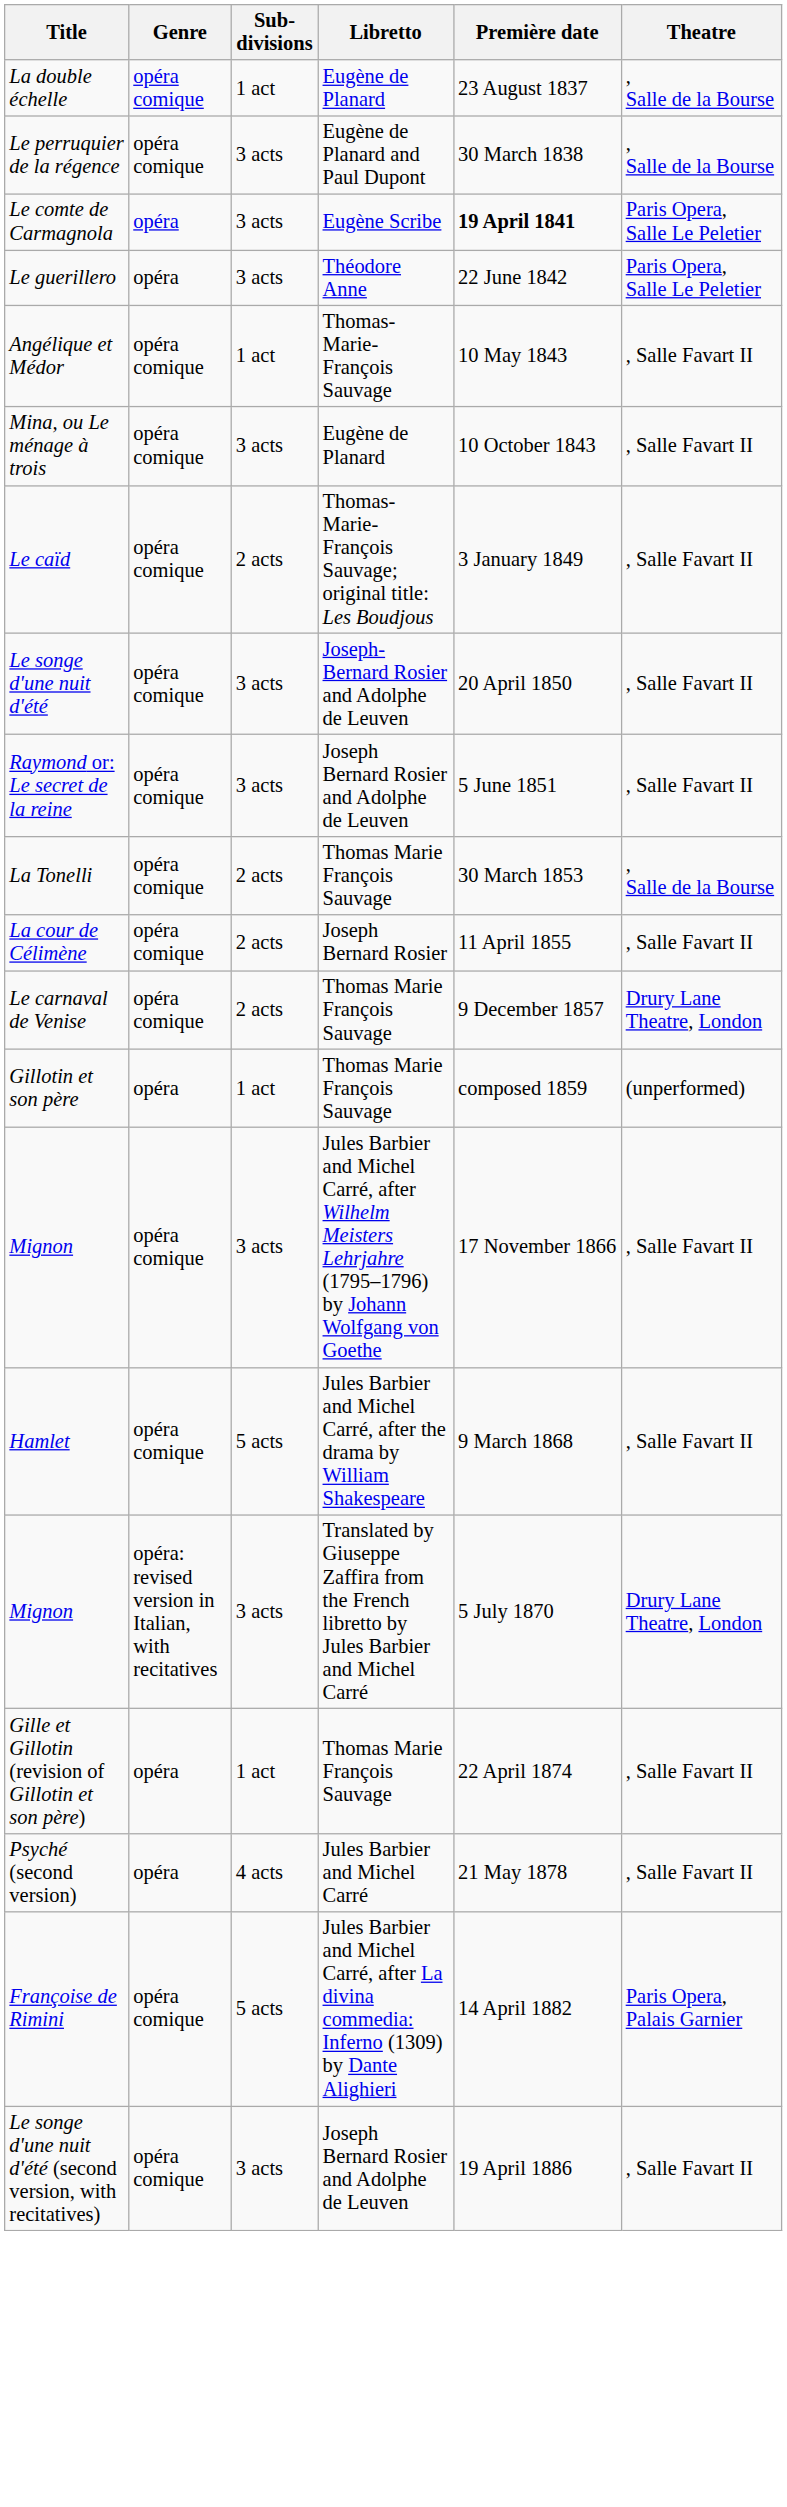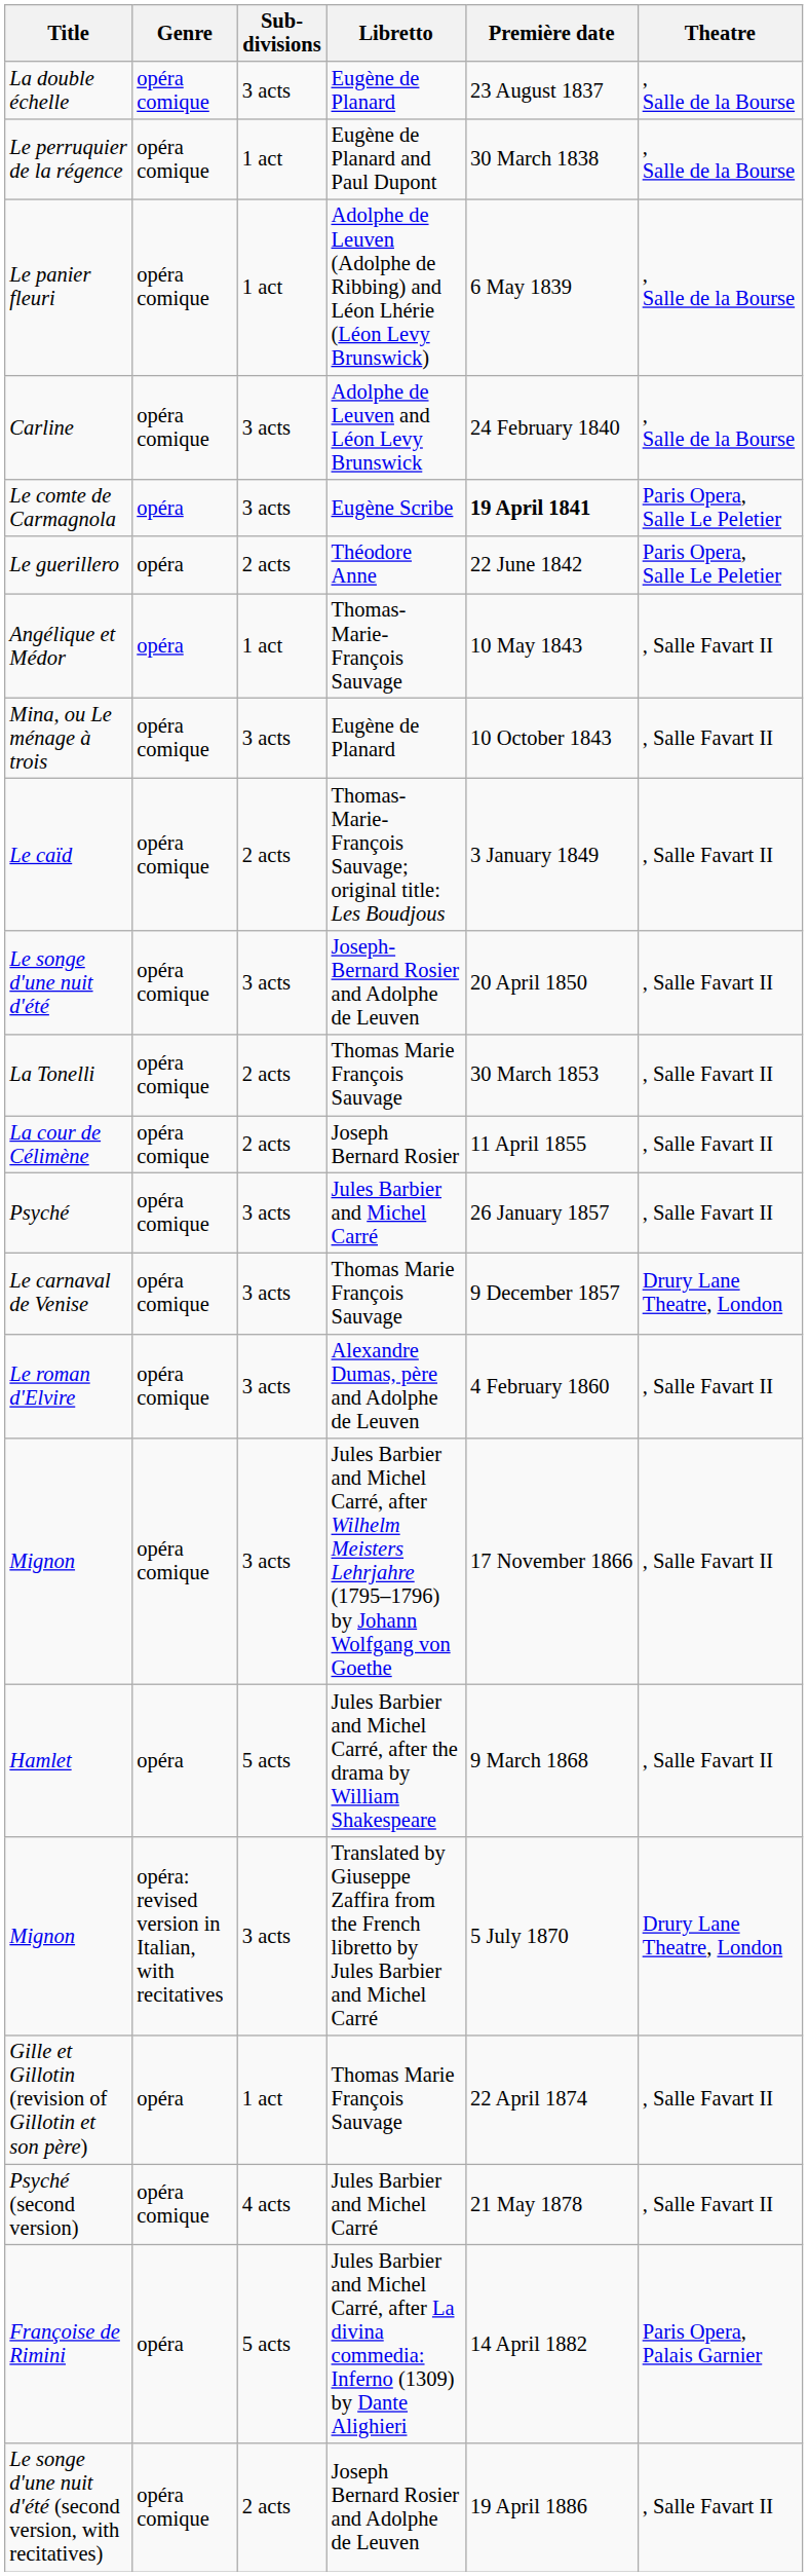 <table class="wikitable sortable">
 <tr>
 <th>Title</th>
 <th>Genre</th>
 <th>Sub­divisions</th>
 <th>Libretto</th>
 <th>Première date</th>
 <th>Theatre</th>
 </tr>
 <tr>
 <td><em>La double échelle</em></td>
 <td><a href='#'>opéra comique</a></td>
-<td>1 act</td>
+<td>3 acts</td>
 <td><a href='#'>Eugène de Planard</a></td>
 <td>23 August 1837</td>
 <td>, <a href='#'>Salle&nbsp;de&nbsp;la&nbsp;Bourse</a></td>
 </tr>
 <tr>
 <td><em>Le perruquier de la régence</em></td>
 <td>opéra comique</td>
-<td>3 acts</td>
+<td>1 act</td>
 <td>Eugène de Planard and Paul Dupont</td>
 <td>30 March 1838</td>
+<td>, <a href='#'>Salle&nbsp;de&nbsp;la&nbsp;Bourse</a></td>
+</tr>
+<tr>
+<td><em>Le panier fleuri</em></td>
+<td>opéra comique</td>
+<td>1 act</td>
+<td><a href='#'>Adolphe de Leuven</a> (Adolphe de Ribbing) and Léon Lhérie (<a href='#'>Léon Levy Brunswick</a>)</td>
+<td>6 May 1839</td>
+<td>, <a href='#'>Salle&nbsp;de&nbsp;la&nbsp;Bourse</a></td>
+</tr>
+<tr>
+<td><em>Carline</em></td>
+<td>opéra comique</td>
+<td>3 acts</td>
+<td><a href='#'>Adolphe de Leuven</a> and <a href='#'>Léon Levy Brunswick</a></td>
+<td>24 February 1840</td>
 <td>, <a href='#'>Salle&nbsp;de&nbsp;la&nbsp;Bourse</a></td>
 </tr>
 <tr>
 <td><em>Le comte de Carmagnola</em></td>
 <td><a href='#'>opéra</a></td>
 <td>3 acts</td>
 <td><a href='#'>Eugène Scribe</a></td>
 <td><strong>19 April 1841</strong></td>
 <td><a href='#'>Paris Opera</a>, <a href='#'>Salle&nbsp;Le&nbsp;Peletier</a></td>
 </tr>
 <tr>
 <td><em>Le guerillero</em></td>
 <td>opéra</td>
-<td>3 acts</td>
+<td>2 acts</td>
 <td><a href='#'>Théodore Anne</a></td>
 <td>22 June 1842</td>
 <td><a href='#'>Paris Opera</a>, <a href='#'>Salle&nbsp;Le&nbsp;Peletier</a></td>
 </tr>
 <tr>
 <td><em>Angélique et Médor</em></td>
-<td>opéra comique</td>
+<td><a href='#'>opéra</a></td>
 <td>1 act</td>
 <td>Thomas-Marie-François Sauvage</td>
 <td>10 May 1843</td>
 <td>, Salle Favart II</td>
 </tr>
 <tr>
 <td><em>Mina, ou Le ménage à trois</em></td>
 <td>opéra comique</td>
 <td>3 acts</td>
 <td>Eugène de Planard</td>
 <td>10 October 1843</td>
 <td>, Salle Favart II</td>
 </tr>
 <tr>
 <td><em><a href='#'>Le caïd</a></em></td>
 <td>opéra comique</td>
 <td>2 acts</td>
 <td>Thomas-Marie-François Sauvage; original title: <em>Les Boudjous</em></td>
 <td>3 January 1849</td>
 <td>, Salle Favart II</td>
 </tr>
 <tr>
 <td><em><a href='#'>Le songe d'une nuit d'été</a></em></td>
 <td>opéra comique</td>
 <td>3 acts</td>
 <td><a href='#'>Joseph-Bernard Rosier</a> and Adolphe de Leuven</td>
 <td>20 April 1850</td>
 <td>, Salle Favart II</td>
 </tr>
 <tr>
-<td><a href='#'><em>Raymond</em> or: <em>Le secret de la reine</em></a></td>
-<td>opéra comique</td>
-<td>3 acts</td>
-<td>Joseph Bernard Rosier and Adolphe de Leuven</td>
-<td>5 June 1851</td>
-<td>, Salle Favart II</td>
-</tr>
-<tr>
 <td><em>La Tonelli</em></td>
 <td>opéra comique</td>
 <td>2 acts</td>
 <td>Thomas Marie François Sauvage</td>
 <td>30 March 1853</td>
-<td>, <a href='#'>Salle&nbsp;de&nbsp;la&nbsp;Bourse</a></td>
+<td>, Salle Favart II</td>
 </tr>
 <tr>
 <td><em><a href='#'>La cour de Célimène</a></em></td>
 <td>opéra comique</td>
 <td>2 acts</td>
 <td>Joseph Bernard Rosier</td>
 <td>11 April 1855</td>
 <td>, Salle Favart II</td>
 </tr>
 <tr>
+<td><em>Psyché</em></td>
+<td>opéra comique</td>
+<td>3 acts</td>
+<td><a href='#'>Jules Barbier</a> and <a href='#'>Michel Carré</a></td>
+<td>26 January 1857</td>
+<td>, Salle Favart II</td>
+</tr>
+<tr>
 <td><em>Le carnaval de Venise</em></td>
 <td>opéra comique</td>
-<td>2 acts</td>
+<td>3 acts</td>
 <td>Thomas Marie François Sauvage</td>
 <td>9 December 1857</td>
 <td><a href='#'>Drury Lane Theatre</a>, <a href='#'>London</a></td>
 </tr>
 <tr>
-<td><em>Gillotin et son père</em></td>
-<td>opéra</td>
-<td>1 act</td>
-<td>Thomas Marie François Sauvage</td>
-<td>composed 1859</td>
-<td>(unperformed)</td>
+<td><em><a href='#'>Le roman d'Elvire</a></em></td>
+<td>opéra comique</td>
+<td>3 acts</td>
+<td><a href='#'>Alexandre Dumas, père</a> and Adolphe de Leuven</td>
+<td>4 February 1860</td>
+<td>, Salle Favart II</td>
 </tr>
 <tr>
 <td><em><a href='#'>Mignon</a></em></td>
 <td>opéra comique</td>
 <td>3 acts</td>
 <td>Jules Barbier and Michel Carré, after <em><a href='#'>Wilhelm Meisters Lehrjahre</a></em> (1795–1796) by <a href='#'>Johann Wolfgang von Goethe</a></td>
 <td>17 November 1866</td>
 <td>, Salle Favart II</td>
 </tr>
 <tr>
 <td><em><a href='#'>Hamlet</a></em></td>
-<td>opéra comique</td>
+<td>opéra</td>
 <td>5 acts</td>
 <td>Jules Barbier and Michel Carré, after the drama by <a href='#'>William Shakespeare</a></td>
 <td>9 March 1868</td>
 <td>, Salle Favart II</td>
 </tr>
 <tr>
 <td><em><a href='#'>Mignon</a></em></td>
 <td>opéra: revised version in Italian, with recitatives</td>
 <td>3 acts</td>
 <td>Translated by Giuseppe Zaffira from the French libretto by Jules Barbier and Michel Carré</td>
 <td>5 July 1870</td>
 <td><a href='#'>Drury Lane Theatre</a>, <a href='#'>London</a></td>
 </tr>
 <tr>
 <td><em>Gille et Gillotin</em> (revision of <em>Gillotin et son père</em>)</td>
 <td>opéra</td>
 <td>1 act</td>
 <td>Thomas Marie François Sauvage</td>
 <td>22 April 1874</td>
 <td>, Salle Favart II</td>
 </tr>
 <tr>
 <td><em>Psyché</em> (second version)</td>
-<td>opéra</td>
+<td>opéra comique</td>
 <td>4 acts</td>
 <td>Jules Barbier and Michel Carré</td>
 <td>21 May 1878</td>
 <td>, Salle Favart II</td>
 </tr>
 <tr>
 <td><em><a href='#'>Françoise de Rimini</a></em></td>
-<td>opéra comique</td>
+<td>opéra</td>
 <td>5 acts</td>
 <td>Jules Barbier and Michel Carré, after <a href='#'>La divina commedia: Inferno</a> (1309) by <a href='#'>Dante Alighieri</a></td>
 <td>14 April 1882</td>
 <td><a href='#'>Paris Opera</a>, <a href='#'>Palais&nbsp;Garnier</a></td>
 </tr>
 <tr>
 <td><em>Le songe d'une nuit d'été</em> (second version, with recitatives)</td>
 <td>opéra comique</td>
-<td>3 acts</td>
+<td>2 acts</td>
 <td>Joseph Bernard Rosier and Adolphe de Leuven</td>
 <td>19 April 1886</td>
 <td>, Salle Favart II</td>
 </tr>
 </table>
